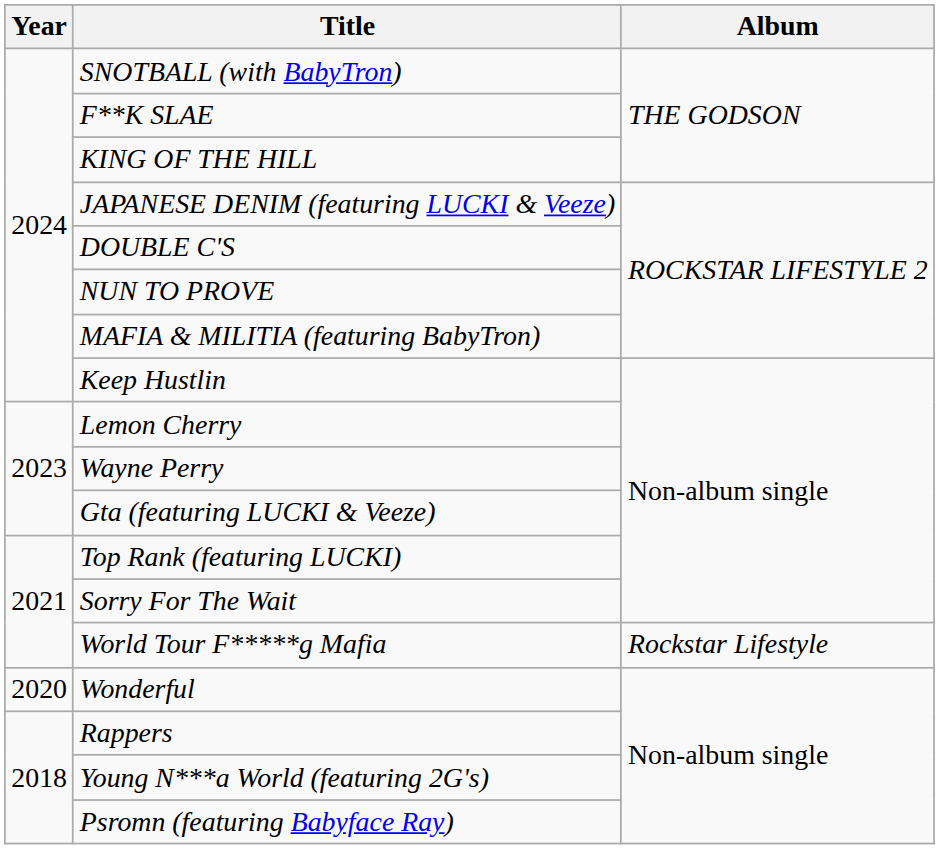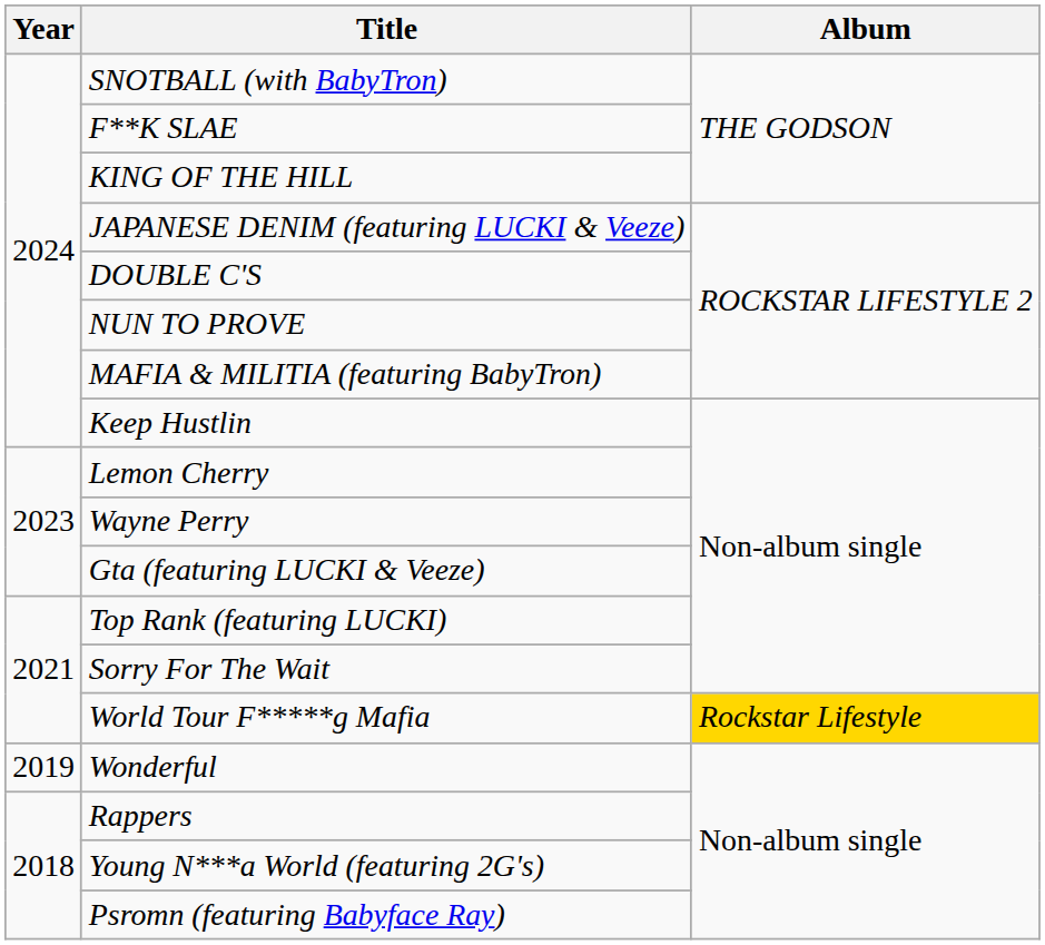 <table class="wikitable">
 <tr>
 <th>Year</th>
 <th>Title</th>
 <th>Album</th>
 </tr>
 <tr>
 <td rowspan="8">2024</td>
 <td><em>SNOTBALL (with <a href='#'>BabyTron</a>)</em></td>
 <td rowspan="3"><em>THE GODSON</em></td>
 </tr>
 <tr>
 <td><em>F**K SLAE</em></td>
 </tr>
 <tr>
 <td><em>KING OF THE HILL</em></td>
 </tr>
 <tr>
 <td><em>JAPANESE DENIM (featuring <a href='#'>LUCKI</a> & <a href='#'>Veeze</a>)</em></td>
 <td rowspan="4"><em>ROCKSTAR LIFESTYLE 2</em></td>
 </tr>
 <tr>
 <td><em>DOUBLE C'S</em></td>
 </tr>
 <tr>
 <td><em>NUN TO PROVE</em></td>
 </tr>
 <tr>
 <td><em>MAFIA & MILITIA (featuring BabyTron)</em></td>
 </tr>
 <tr>
 <td><em>Keep Hustlin</em></td>
 <td rowspan="6">Non-album single</td>
 </tr>
 <tr>
 <td rowspan="3">2023</td>
 <td><em>Lemon Cherry</em></td>
 </tr>
 <tr>
 <td><em>Wayne Perry</em></td>
 </tr>
 <tr>
 <td><em>Gta (featuring LUCKI & Veeze)</em></td>
 </tr>
 <tr>
 <td rowspan="3">2021</td>
 <td><em>Top Rank (featuring LUCKI)</em></td>
 </tr>
 <tr>
 <td><em>Sorry For The Wait</em></td>
 </tr>
 <tr>
 <td><em>World Tour F*****g Mafia</em></td>
-<td><em>Rockstar Lifestyle</em></td>
+<td style="background: gold;"><em>Rockstar Lifestyle</em></td>
 </tr>
 <tr>
-<td>2020</td>
+<td>2019</td>
 <td><em>Wonderful</em></td>
 <td rowspan="4">Non-album single</td>
 </tr>
 <tr>
 <td rowspan="3">2018</td>
 <td><em>Rappers</em></td>
 </tr>
 <tr>
 <td><em>Young N***a World (featuring 2G's)</em></td>
 </tr>
 <tr>
 <td><em>Psromn (featuring <a href='#'>Babyface Ray</a>)</em></td>
 </tr>
 </table>
